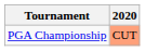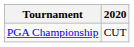 <table class="wikitable" style="font-size:95%;text-align:center;">
 <tr>
 <th>Tournament</th>
 <th>2020</th>
 </tr>
 <tr>
 <td align=left><a href='#'>PGA Championship</a></td>
-<td style="background: lightsalmon;">CUT</td>
+<td>CUT</td>
 </tr>
 </table>
